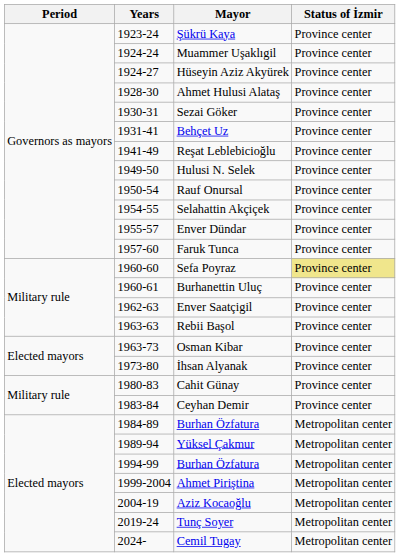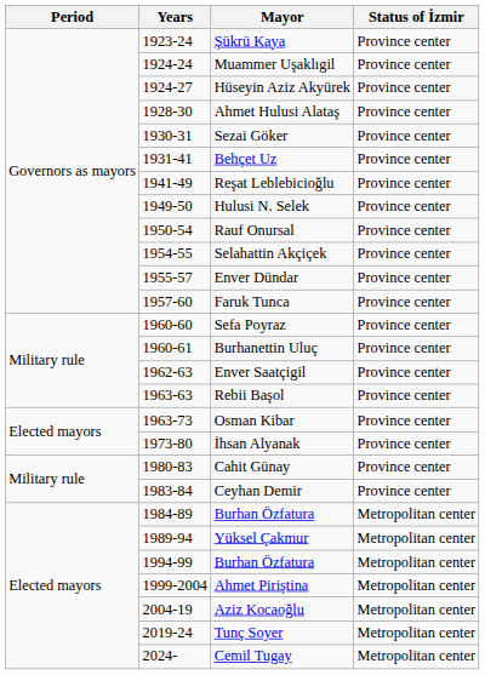 <table class="sortable wikitable">
 <tr>
 <th>Period</th>
 <th>Years</th>
 <th>Mayor</th>
 <th>Status of İzmir</th>
 </tr>
 <tr>
 <td rowspan="12">Governors as mayors</td>
 <td>1923-24</td>
 <td><a href='#'>Şükrü Kaya</a></td>
 <td>Province center</td>
 </tr>
 <tr>
 <td>1924-24</td>
 <td>Muammer Uşaklıgil</td>
 <td>Province center</td>
 </tr>
 <tr>
 <td>1924-27</td>
 <td>Hüseyin Aziz Akyürek</td>
 <td>Province center</td>
 </tr>
 <tr>
 <td>1928-30</td>
 <td>Ahmet Hulusi Alataş</td>
 <td>Province center</td>
 </tr>
 <tr>
 <td>1930-31</td>
 <td>Sezai Göker</td>
 <td>Province center</td>
 </tr>
 <tr>
 <td>1931-41</td>
 <td><a href='#'>Behçet Uz</a></td>
 <td>Province center</td>
 </tr>
 <tr>
 <td>1941-49</td>
 <td>Reşat Leblebicioğlu</td>
 <td>Province center</td>
 </tr>
 <tr>
 <td>1949-50</td>
 <td>Hulusi N. Selek</td>
 <td>Province center</td>
 </tr>
 <tr>
 <td>1950-54</td>
 <td>Rauf Onursal</td>
 <td>Province center</td>
 </tr>
 <tr>
 <td>1954-55</td>
 <td>Selahattin Akçiçek</td>
 <td>Province center</td>
 </tr>
 <tr>
 <td>1955-57</td>
 <td>Enver Dündar</td>
 <td>Province center</td>
 </tr>
 <tr>
 <td>1957-60</td>
 <td>Faruk Tunca</td>
 <td>Province center</td>
 </tr>
 <tr>
 <td rowspan="4">Military rule</td>
 <td>1960-60</td>
 <td>Sefa Poyraz</td>
-<td style="background: khaki;">Province center</td>
+<td>Province center</td>
 </tr>
 <tr>
 <td>1960-61</td>
 <td>Burhanettin Uluç</td>
 <td>Province center</td>
 </tr>
 <tr>
 <td>1962-63</td>
 <td>Enver Saatçigil</td>
 <td>Province center</td>
 </tr>
 <tr>
 <td>1963-63</td>
 <td>Rebii Başol</td>
 <td>Province center</td>
 </tr>
 <tr>
 <td rowspan="2">Elected mayors</td>
 <td>1963-73</td>
 <td>Osman Kibar</td>
 <td>Province center</td>
 </tr>
 <tr>
 <td>1973-80</td>
 <td>İhsan Alyanak</td>
 <td>Province center</td>
 </tr>
 <tr>
 <td rowspan="2">Military rule</td>
 <td>1980-83</td>
 <td>Cahit Günay</td>
 <td>Province center</td>
 </tr>
 <tr>
 <td>1983-84</td>
 <td>Ceyhan Demir</td>
 <td>Province center</td>
 </tr>
 <tr>
 <td rowspan="7">Elected mayors</td>
 <td>1984-89</td>
 <td><a href='#'>Burhan Özfatura</a></td>
 <td>Metropolitan center</td>
 </tr>
 <tr>
 <td>1989-94</td>
 <td><a href='#'>Yüksel Çakmur</a></td>
 <td>Metropolitan center</td>
 </tr>
 <tr>
 <td>1994-99</td>
 <td><a href='#'>Burhan Özfatura</a></td>
 <td>Metropolitan center</td>
 </tr>
 <tr>
 <td>1999-2004</td>
 <td><a href='#'>Ahmet Piriştina</a></td>
 <td>Metropolitan center</td>
 </tr>
 <tr>
 <td>2004-19</td>
 <td><a href='#'>Aziz Kocaoğlu</a></td>
 <td>Metropolitan center</td>
 </tr>
 <tr>
 <td>2019-24</td>
 <td><a href='#'>Tunç Soyer</a></td>
 <td>Metropolitan center</td>
 </tr>
 <tr>
 <td>2024-</td>
 <td><a href='#'>Cemil Tugay</a></td>
 <td>Metropolitan center</td>
 </tr>
 </table>
